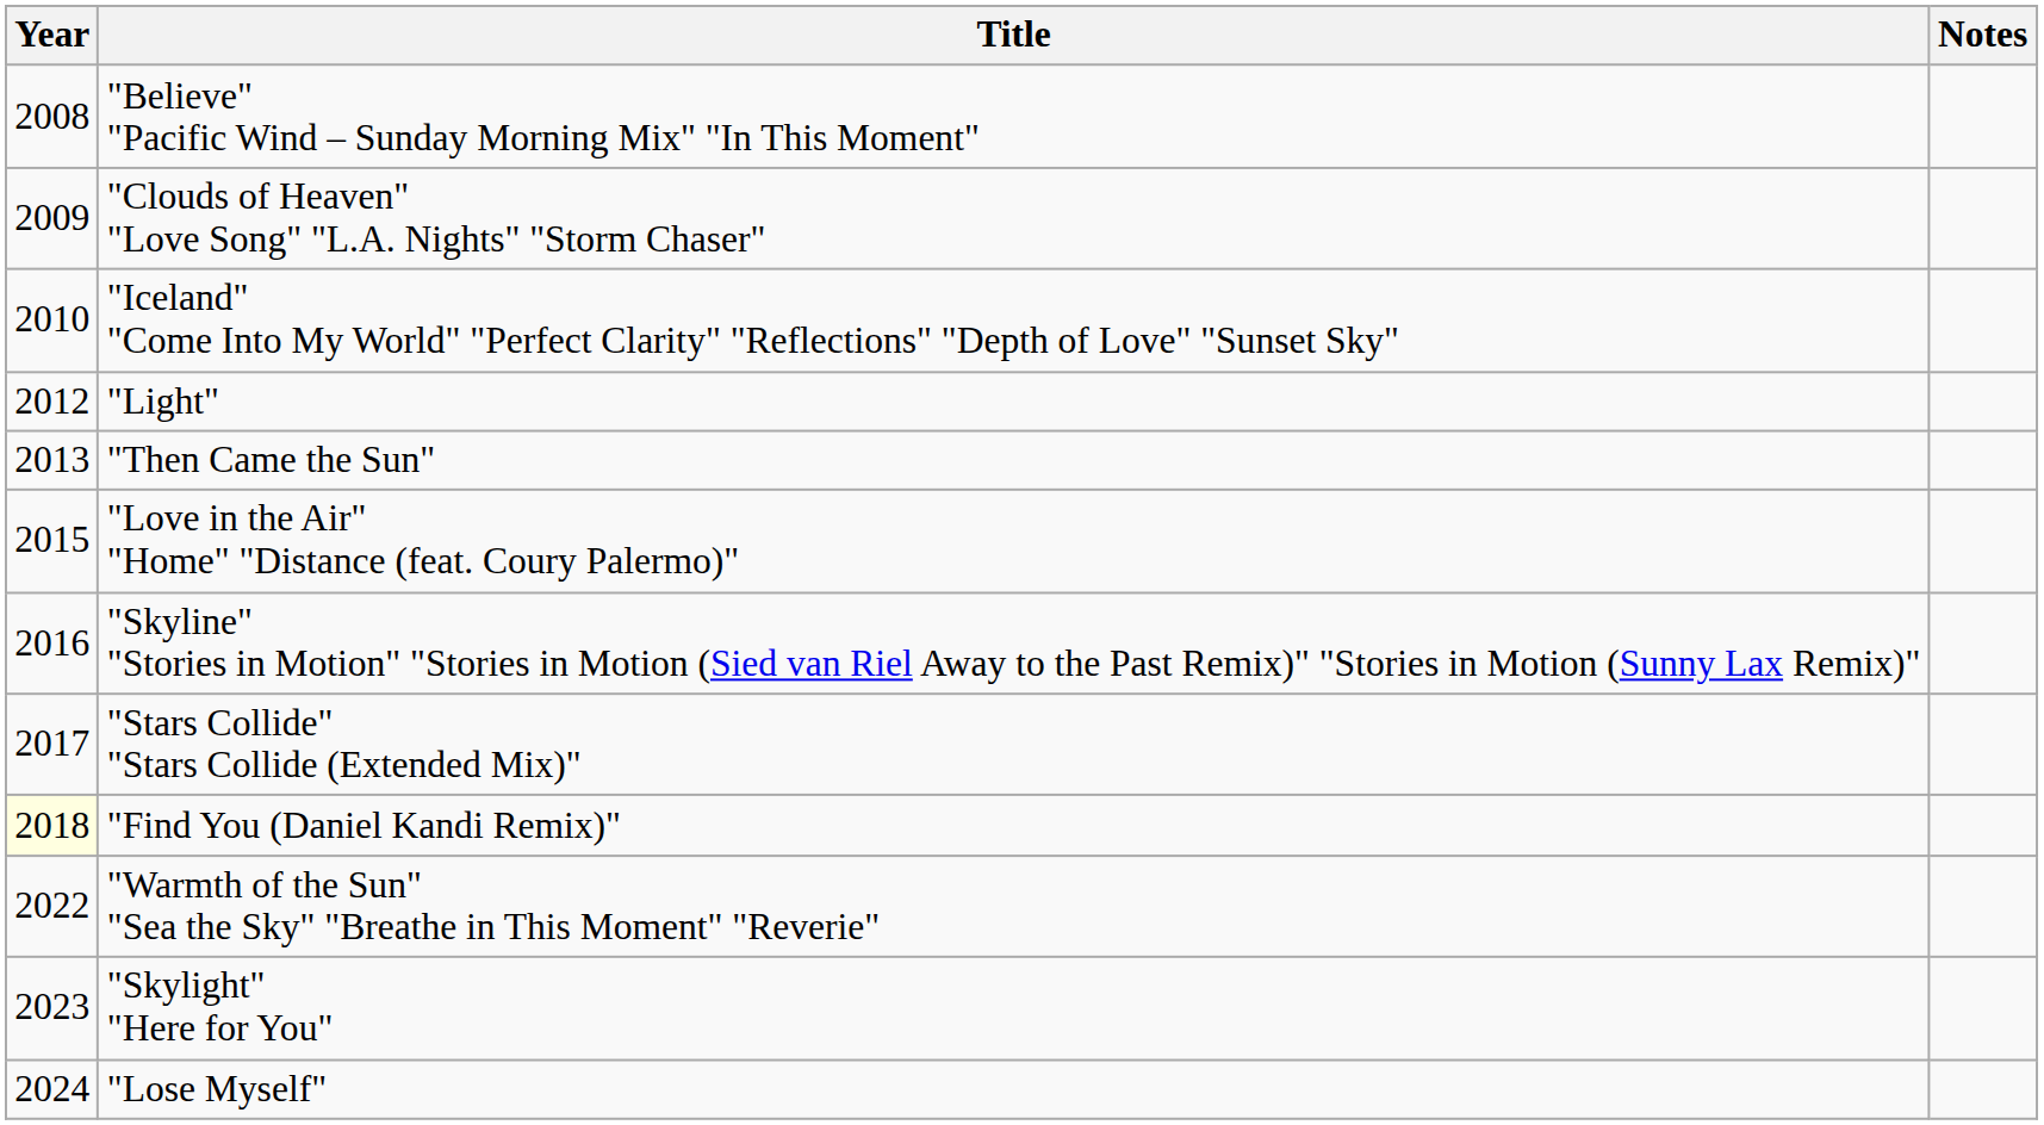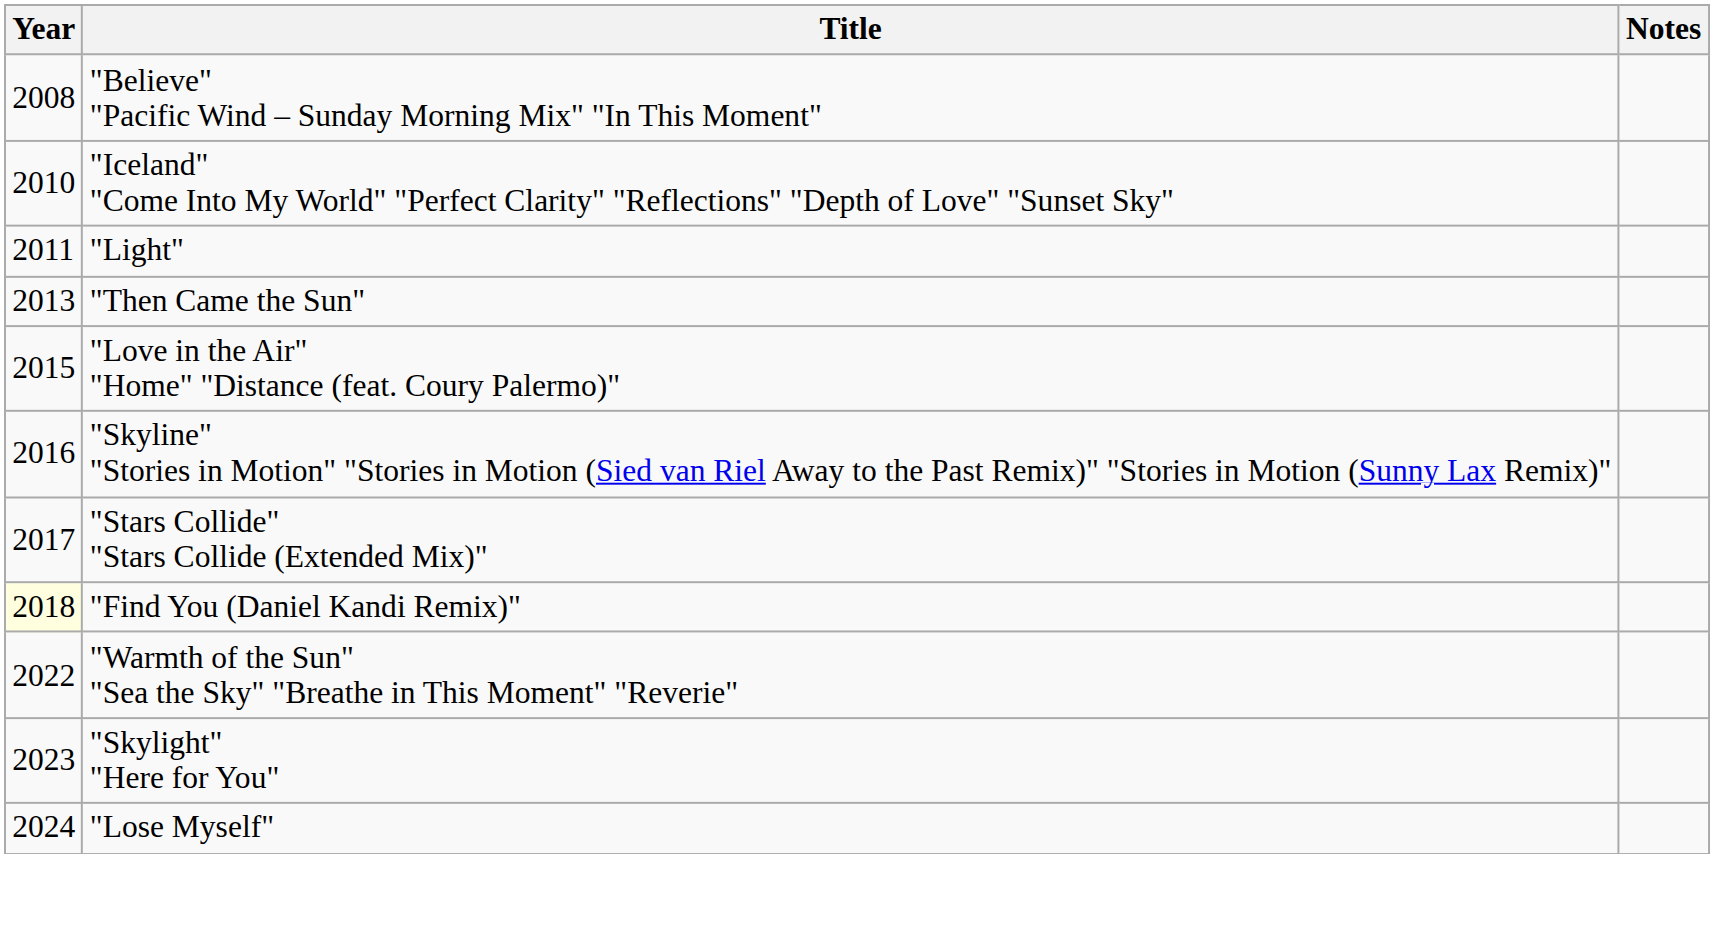 <table class="wikitable">
 <tr>
 <th>Year</th>
 <th>Title</th>
 <th>Notes</th>
 </tr>
 <tr>
 <td>2008</td>
 <td>"Believe"<br>"Pacific Wind – Sunday Morning Mix" "In This Moment"</td>
 <td></td>
 </tr>
 <tr>
-<td>2009</td>
-<td>"Clouds of Heaven"<br>"Love Song" "L.A. Nights" "Storm Chaser"</td>
-<td></td>
-</tr>
-<tr>
 <td>2010</td>
 <td>"Iceland"<br>"Come Into My World" "Perfect Clarity" "Reflections" "Depth of Love" "Sunset Sky"</td>
 <td></td>
 </tr>
 <tr>
-<td>2012</td>
+<td>2011</td>
 <td>"Light"</td>
 <td></td>
 </tr>
 <tr>
 <td>2013</td>
 <td>"Then Came the Sun"</td>
 <td></td>
 </tr>
 <tr>
 <td>2015</td>
 <td>"Love in the Air"<br>"Home" "Distance (feat. Coury Palermo)"</td>
 <td></td>
 </tr>
 <tr>
 <td>2016</td>
 <td>"Skyline"<br>"Stories in Motion" "Stories in Motion (<a href='#'>Sied van Riel</a> Away to the Past Remix)" "Stories in Motion (<a href='#'>Sunny Lax</a> Remix)"</td>
 <td></td>
 </tr>
 <tr>
 <td>2017</td>
 <td>"Stars Collide"<br>"Stars Collide (Extended Mix)"</td>
 <td></td>
 </tr>
 <tr>
 <td style="background: lightyellow;">2018</td>
 <td>"Find You (Daniel Kandi Remix)"</td>
 <td></td>
 </tr>
 <tr>
 <td>2022</td>
 <td>"Warmth of the Sun"<br>"Sea the Sky" "Breathe in This Moment" "Reverie"</td>
 <td></td>
 </tr>
 <tr>
 <td>2023</td>
 <td>"Skylight"<br>"Here for You"</td>
 <td></td>
 </tr>
 <tr>
 <td>2024</td>
 <td>"Lose Myself"</td>
 <td></td>
 </tr>
 </table>
